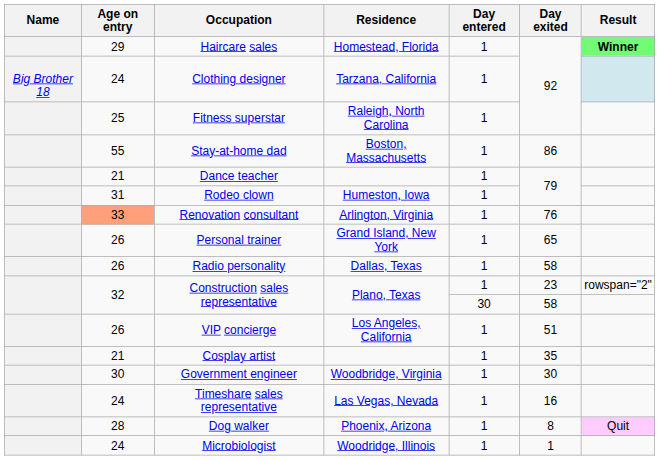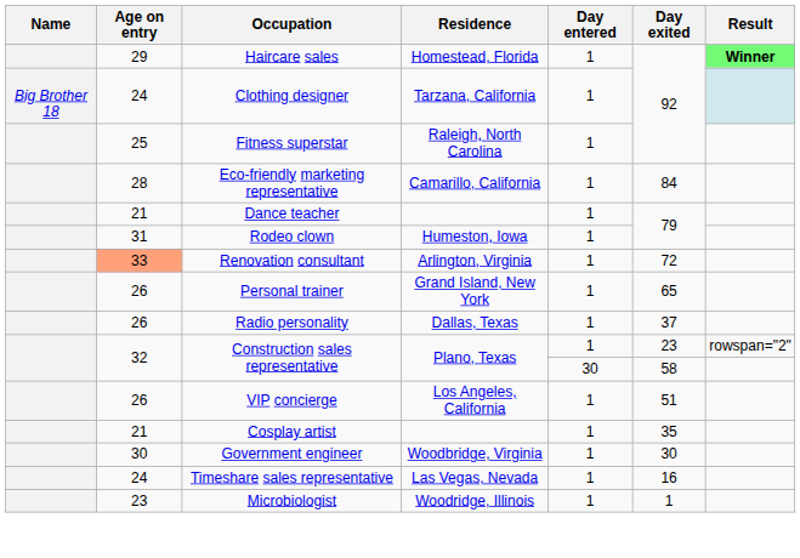 <table class="wikitable sortable" style="text-align:center;">
 <tr>
 <th scope="col">Name</th>
 <th scope="col">Age on entry</th>
 <th scope="col" class="unsortable">Occupation</th>
 <th scope="col" class="unsortable">Residence</th>
 <th scope="col" class="unsortable">Day entered</th>
 <th scope="col">Day exited</th>
 <th scope="col" class="unsortable">Result</th>
 </tr>
 <tr>
 <th scope="row"></th>
 <td>29</td>
 <td><a href='#'>Haircare</a> <a href='#'>sales</a></td>
 <td><a href='#'>Homestead, Florida</a></td>
 <td>1</td>
 <td rowspan="3">92</td>
 <td bgcolor="73FB76"><strong>Winner</strong></td>
 </tr>
 <tr>
 <th scope="row" style="font-weight:normal"><strong></strong><br><em><a href='#'>Big Brother 18</a></em></th>
 <td>24</td>
 <td><a href='#'>Clothing designer</a></td>
 <td><a href='#'>Tarzana, California</a></td>
 <td>1</td>
 <td bgcolor="D1E8EF"></td>
 </tr>
 <tr>
 <th scope="row"><br></th>
 <td>25</td>
 <td><a href='#'>Fitness superstar</a></td>
 <td><a href='#'>Raleigh, North Carolina</a></td>
 <td>1</td>
 <td></td>
 </tr>
 <tr>
 <th scope="row"></th>
-<td>55</td>
-<td><a href='#'>Stay-at-home dad</a></td>
-<td><a href='#'>Boston, Massachusetts</a></td>
+<td>28</td>
+<td><a href='#'>Eco-friendly</a> <a href='#'>marketing representative</a></td>
+<td><a href='#'>Camarillo, California</a></td>
 <td>1</td>
-<td>86</td>
+<td>84</td>
 <td></td>
 </tr>
 <tr>
 <th scope="row"></th>
 <td>21</td>
 <td><a href='#'>Dance teacher</a></td>
 <td></td>
 <td>1</td>
 <td rowspan="2">79</td>
 <td></td>
 </tr>
 <tr>
 <th scope="row"></th>
 <td>31</td>
 <td><a href='#'>Rodeo clown</a></td>
 <td><a href='#'>Humeston, Iowa</a></td>
 <td>1</td>
 <td></td>
 </tr>
 <tr>
 <th scope="row"></th>
 <td style="background: lightsalmon;">33</td>
 <td><a href='#'>Renovation</a> <a href='#'>consultant</a></td>
 <td><a href='#'>Arlington, Virginia</a></td>
 <td>1</td>
-<td>76</td>
+<td>72</td>
 <td></td>
 </tr>
 <tr>
 <th scope="row"></th>
 <td>26</td>
 <td><a href='#'>Personal trainer</a></td>
 <td><a href='#'>Grand Island, New York</a></td>
 <td>1</td>
 <td>65</td>
 <td></td>
 </tr>
 <tr>
 <th scope="row"></th>
 <td>26</td>
 <td><a href='#'>Radio personality</a></td>
 <td><a href='#'>Dallas, Texas</a></td>
 <td>1</td>
-<td>58</td>
+<td>37</td>
 <td></td>
 </tr>
 <tr>
 <th scope="row" rowspan="2"></th>
 <td rowspan="2">32</td>
 <td rowspan="2"><a href='#'>Construction</a> <a href='#'>sales representative</a></td>
 <td rowspan="2"><a href='#'>Plano, Texas</a></td>
 <td>1</td>
 <td>23</td>
 <td>rowspan="2" </td>
 </tr>
 <tr>
 <td>30</td>
 <td>58</td>
 </tr>
 <tr>
 <th scope="row"></th>
 <td>26</td>
 <td><a href='#'>VIP</a> <a href='#'>concierge</a></td>
 <td><a href='#'>Los Angeles, California</a></td>
 <td>1</td>
 <td>51</td>
 <td></td>
 </tr>
 <tr>
 <th scope="row"></th>
 <td>21</td>
 <td><a href='#'>Cosplay artist</a></td>
 <td></td>
 <td>1</td>
 <td>35</td>
 <td></td>
 </tr>
 <tr>
 <th scope="row"></th>
 <td>30</td>
 <td><a href='#'>Government engineer</a></td>
 <td><a href='#'>Woodbridge, Virginia</a></td>
 <td>1</td>
 <td>30</td>
 <td></td>
 </tr>
 <tr>
 <th scope="row"></th>
 <td>24</td>
 <td><a href='#'>Timeshare</a> <a href='#'>sales representative</a></td>
 <td><a href='#'>Las Vegas, Nevada</a></td>
 <td>1</td>
 <td>16</td>
 <td></td>
 </tr>
 <tr>
 <th scope="row"></th>
-<td>28</td>
-<td><a href='#'>Dog walker</a></td>
-<td><a href='#'>Phoenix, Arizona</a></td>
-<td>1</td>
-<td>8</td>
-<td bgcolor="#fcf">Quit</td>
-</tr>
-<tr>
-<th scope="row"></th>
-<td>24</td>
+<td>23</td>
 <td><a href='#'>Microbiologist</a></td>
 <td><a href='#'>Woodridge, Illinois</a></td>
 <td>1</td>
 <td>1</td>
 <td></td>
 </tr>
 </table>
